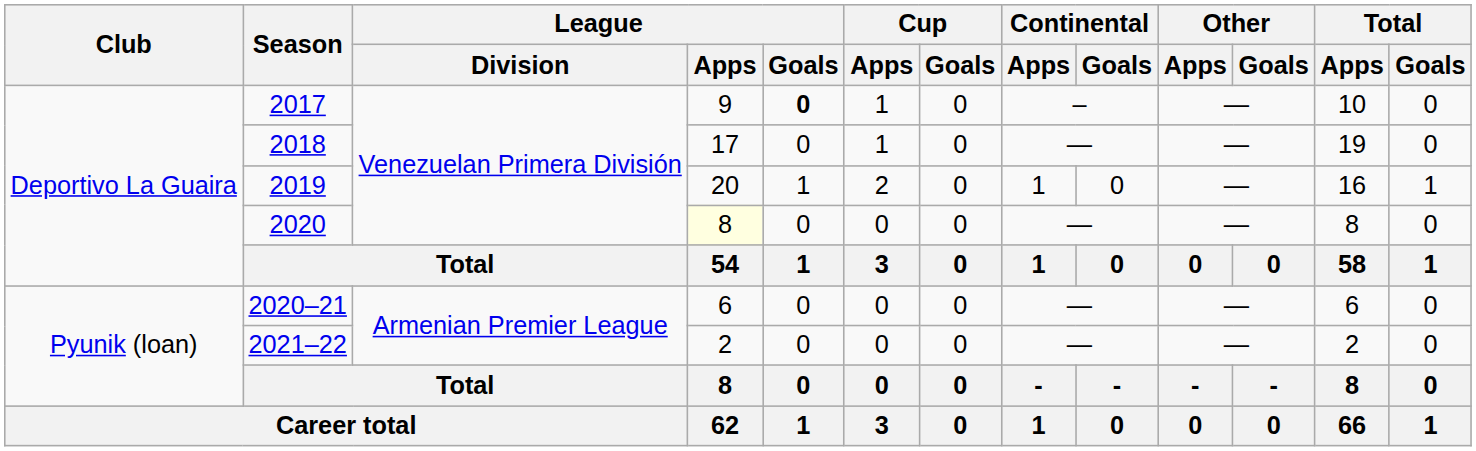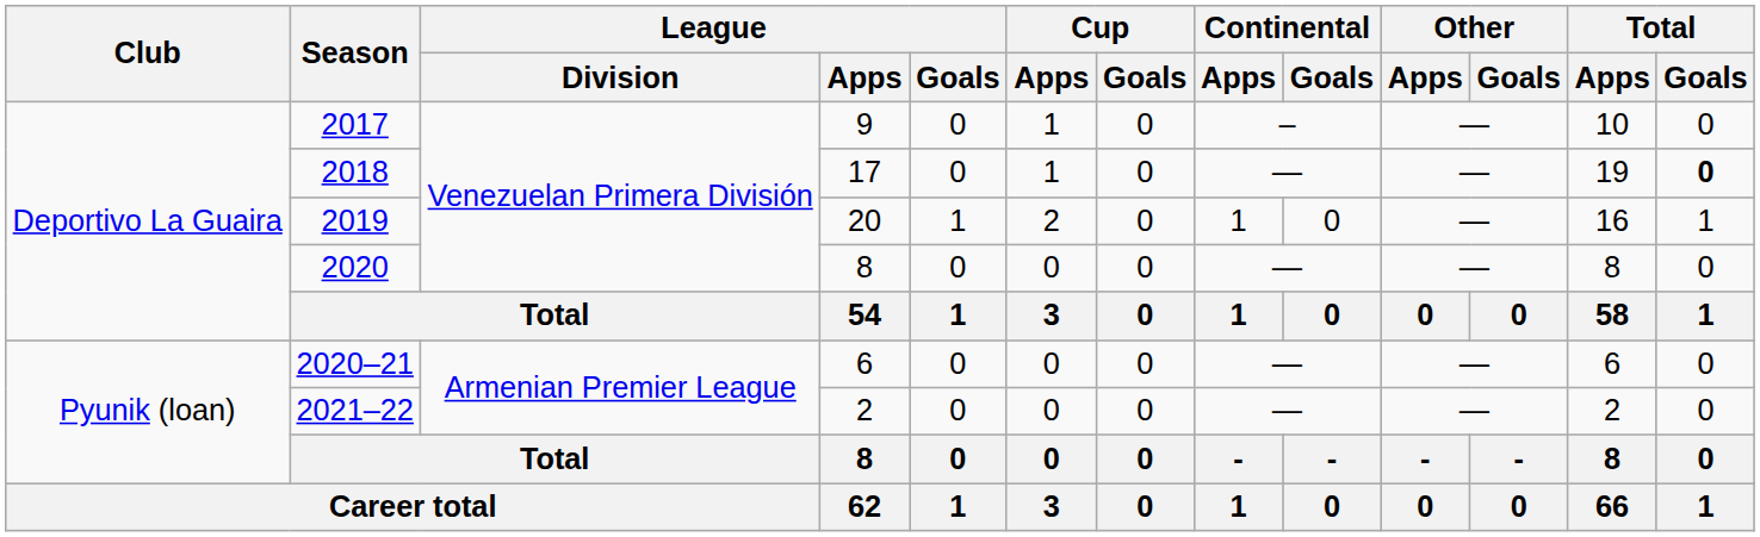 <table class="wikitable" style="text-align: center">
 <tr>
 <th rowspan="2">Club</th>
 <th rowspan="2">Season</th>
 <th colspan="3">League</th>
 <th colspan="2">Cup</th>
 <th colspan="2">Continental</th>
 <th colspan="2">Other</th>
 <th colspan="2">Total</th>
 </tr>
 <tr>
 <th>Division</th>
 <th>Apps</th>
 <th>Goals</th>
 <th>Apps</th>
 <th>Goals</th>
 <th>Apps</th>
 <th>Goals</th>
 <th>Apps</th>
 <th>Goals</th>
 <th>Apps</th>
 <th>Goals</th>
 </tr>
 <tr>
 <td rowspan="5"><a href='#'>Deportivo La Guaira</a></td>
 <td><a href='#'>2017</a></td>
 <td rowspan="4"><a href='#'>Venezuelan Primera División</a></td>
 <td>9</td>
-<td><strong>0</strong></td>
+<td>0</td>
 <td>1</td>
 <td>0</td>
 <td colspan="2">–</td>
 <td colspan="2">—</td>
 <td>10</td>
 <td>0</td>
 </tr>
 <tr>
 <td><a href='#'>2018</a></td>
 <td>17</td>
 <td>0</td>
 <td>1</td>
 <td>0</td>
 <td colspan="2">—</td>
 <td colspan="2">—</td>
 <td>19</td>
-<td>0</td>
+<td><strong>0</strong></td>
 </tr>
 <tr>
 <td><a href='#'>2019</a></td>
 <td>20</td>
 <td>1</td>
 <td>2</td>
 <td>0</td>
 <td>1</td>
 <td>0</td>
 <td colspan="2">—</td>
 <td>16</td>
 <td>1</td>
 </tr>
 <tr>
 <td><a href='#'>2020</a></td>
-<td style="background: lightyellow;">8</td>
+<td>8</td>
 <td>0</td>
 <td>0</td>
 <td>0</td>
 <td colspan="2">—</td>
 <td colspan="2">—</td>
 <td>8</td>
 <td>0</td>
 </tr>
 <tr>
 <th colspan="2"><strong>Total</strong></th>
 <th>54</th>
 <th>1</th>
 <th>3</th>
 <th>0</th>
 <th>1</th>
 <th>0</th>
 <th>0</th>
 <th>0</th>
 <th>58</th>
 <th>1</th>
 </tr>
 <tr>
 <td rowspan="3"><a href='#'>Pyunik</a> (loan)</td>
 <td><a href='#'>2020–21</a></td>
 <td rowspan="2"><a href='#'>Armenian Premier League</a></td>
 <td>6</td>
 <td>0</td>
 <td>0</td>
 <td>0</td>
 <td colspan="2">—</td>
 <td colspan="2">—</td>
 <td>6</td>
 <td>0</td>
 </tr>
 <tr>
 <td><a href='#'>2021–22</a></td>
 <td>2</td>
 <td>0</td>
 <td>0</td>
 <td>0</td>
 <td colspan="2">—</td>
 <td colspan="2">—</td>
 <td>2</td>
 <td>0</td>
 </tr>
 <tr>
 <th colspan="2"><strong>Total</strong></th>
 <th>8</th>
 <th>0</th>
 <th>0</th>
 <th>0</th>
 <th>-</th>
 <th>-</th>
 <th>-</th>
 <th>-</th>
 <th>8</th>
 <th>0</th>
 </tr>
 <tr>
 <th colspan="3"><strong>Career total</strong></th>
 <th>62</th>
 <th>1</th>
 <th>3</th>
 <th>0</th>
 <th>1</th>
 <th>0</th>
 <th>0</th>
 <th>0</th>
 <th>66</th>
 <th>1</th>
 </tr>
 </table>
